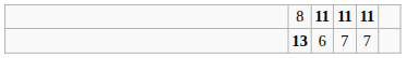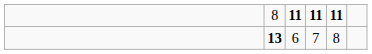 <table class="wikitable">
 <tr>
 <td style="width:18em"></td>
 <td align=center style="width:1em">8</td>
 <td align=center style="width:1em"><strong>11</strong></td>
 <td align=center style="width:1em"><strong>11</strong></td>
 <td align=center style="width:1em"><strong>11</strong></td>
 <td align=center style="width:1em"></td>
 </tr>
 <tr>
 <td style="width:18em"></td>
 <td align=center style="width:1em"><strong>13</strong></td>
 <td align=center style="width:1em">6</td>
 <td align=center style="width:1em">7</td>
-<td align=center style="width:1em">7</td>
+<td align=center style="width:1em">8</td>
 <td align=center style="width:1em"></td>
 </tr>
 </table>
